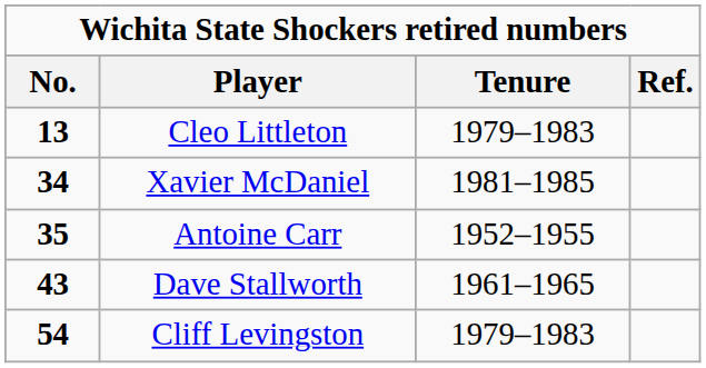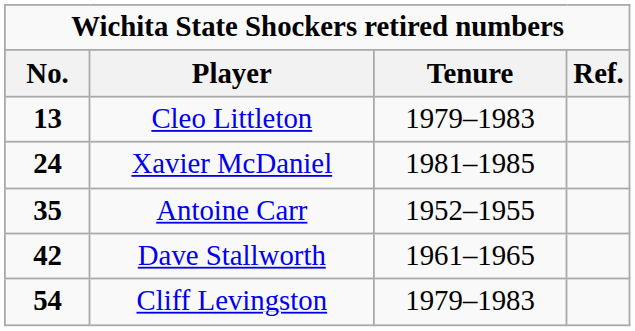 <table class="wikitable sortable" style="text-align:center">
 <tr>
 <td colspan=6><strong>Wichita State Shockers retired numbers</strong></td>
 </tr>
 <tr>
 <th width=40px>No.</th>
 <th width=150px>Player</th>
 <th width=100px>Tenure</th>
 <th width=px>Ref.</th>
 </tr>
 <tr>
 <td><strong>13</strong></td>
 <td><a href='#'>Cleo Littleton</a></td>
 <td>1979–1983</td>
 <td></td>
 </tr>
 <tr>
-<td><strong>34</strong></td>
+<td><strong>24</strong></td>
 <td><a href='#'>Xavier McDaniel</a></td>
 <td>1981–1985</td>
 <td></td>
 </tr>
 <tr>
 <td><strong>35</strong></td>
 <td><a href='#'>Antoine Carr</a></td>
 <td>1952–1955</td>
 <td></td>
 </tr>
 <tr>
-<td><strong>43</strong></td>
+<td><strong>42</strong></td>
 <td><a href='#'>Dave Stallworth</a> </td>
 <td>1961–1965</td>
 <td></td>
 </tr>
 <tr>
 <td><strong>54</strong></td>
 <td><a href='#'>Cliff Levingston</a></td>
 <td>1979–1983</td>
 <td></td>
 </tr>
 </table>
